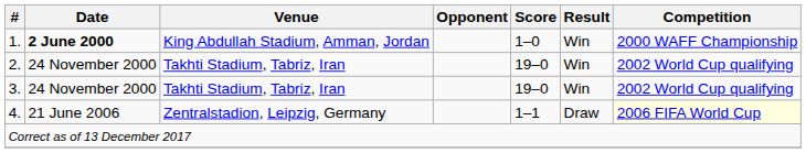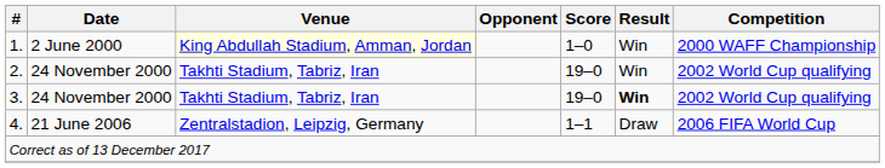 <table class="wikitable" style="font-size:95%;">
 <tr>
 <th>#</th>
 <th>Date</th>
 <th>Venue</th>
 <th>Opponent</th>
 <th>Score</th>
 <th>Result</th>
 <th>Competition</th>
 </tr>
 <tr>
 <td>1.</td>
-<td><strong>2 June 2000</strong></td>
-<td><a href='#'>King Abdullah Stadium</a>, <a href='#'>Amman</a>, <a href='#'>Jordan</a></td>
+<td>2 June 2000</td>
+<td style="background: lightyellow;"><a href='#'>King Abdullah Stadium</a>, <a href='#'>Amman</a>, <a href='#'>Jordan</a></td>
 <td></td>
 <td>1–0</td>
 <td>Win</td>
 <td><a href='#'>2000 WAFF Championship</a></td>
 </tr>
 <tr>
 <td>2.</td>
 <td>24 November 2000</td>
 <td><a href='#'>Takhti Stadium</a>, <a href='#'>Tabriz</a>, <a href='#'>Iran</a></td>
 <td></td>
 <td>19–0</td>
 <td>Win</td>
 <td><a href='#'>2002 World Cup qualifying</a></td>
 </tr>
 <tr>
 <td>3.</td>
 <td>24 November 2000</td>
 <td><a href='#'>Takhti Stadium</a>, <a href='#'>Tabriz</a>, <a href='#'>Iran</a></td>
 <td></td>
 <td>19–0</td>
-<td>Win</td>
+<td><strong>Win</strong></td>
 <td><a href='#'>2002 World Cup qualifying</a></td>
 </tr>
 <tr>
 <td>4.</td>
 <td>21 June 2006</td>
 <td><a href='#'>Zentralstadion</a>, <a href='#'>Leipzig</a>, Germany</td>
 <td></td>
 <td>1–1</td>
 <td>Draw</td>
-<td style="background: lightyellow;"><a href='#'>2006 FIFA World Cup</a></td>
+<td><a href='#'>2006 FIFA World Cup</a></td>
 </tr>
 <tr>
 <td colspan="12"><small><em>Correct as of 13 December 2017</em></small></td>
 </tr>
 <tr>
 </tr>
 </table>
